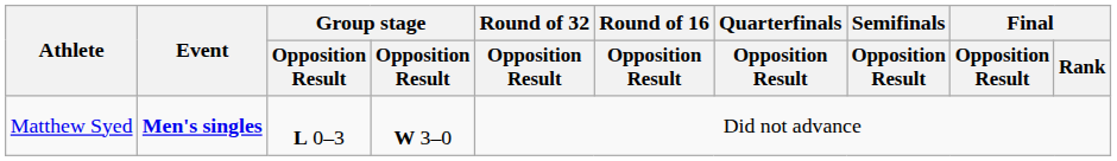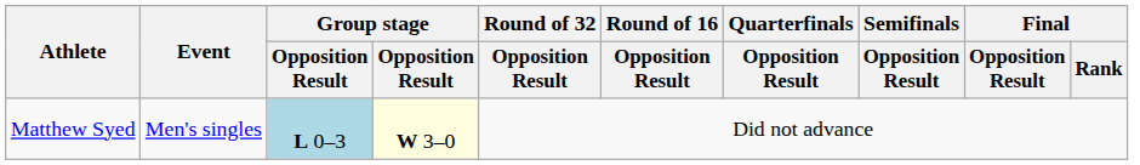 <table class="wikitable" style="font-size:90%;">
 <tr>
 <th rowspan="2">Athlete</th>
 <th rowspan="2">Event</th>
 <th colspan="2">Group stage</th>
 <th>Round of 32</th>
 <th>Round of 16</th>
 <th>Quarterfinals</th>
 <th>Semifinals</th>
 <th colspan=2>Final</th>
 </tr>
 <tr style="font-size:95%">
 <th>Opposition<br>Result</th>
 <th>Opposition<br>Result</th>
 <th>Opposition<br>Result</th>
 <th>Opposition<br>Result</th>
 <th>Opposition<br>Result</th>
 <th>Opposition<br>Result</th>
 <th>Opposition<br>Result</th>
 <th>Rank</th>
 </tr>
 <tr align=center>
 <td><a href='#'>Matthew Syed</a></td>
-<td><strong><a href='#'>Men's singles</a></strong></td>
-<td><br><strong>L</strong> 0–3</td>
-<td align=center><br><strong>W</strong> 3–0</td>
+<td><a href='#'>Men's singles</a></td>
+<td style="background: lightblue;"><br><strong>L</strong> 0–3</td>
+<td align=center style="background: lightyellow;"><br><strong>W</strong> 3–0</td>
 <td colspan=6 align=center>Did not advance</td>
 </tr>
 </table>
